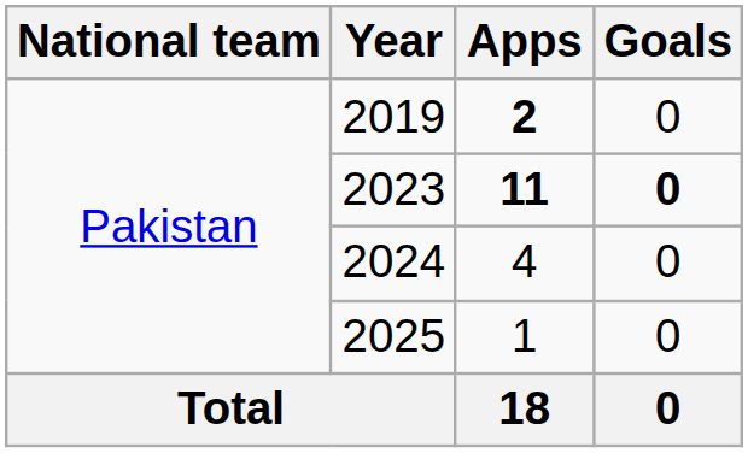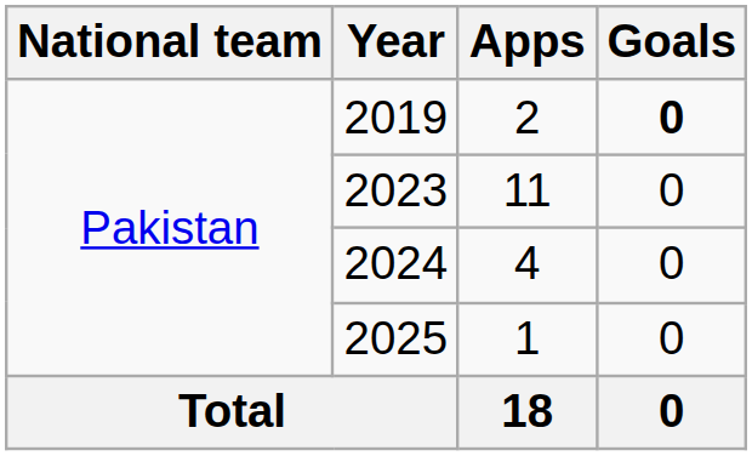 <table class="wikitable" style="text-align:center">
 <tr>
 <th>National team</th>
 <th>Year</th>
 <th>Apps</th>
 <th>Goals</th>
 </tr>
 <tr>
 <td rowspan="4"><a href='#'>Pakistan</a></td>
 <td>2019</td>
-<td><strong>2</strong></td>
-<td>0</td>
+<td>2</td>
+<td><strong>0</strong></td>
 </tr>
 <tr>
 <td>2023</td>
-<td><strong>11</strong></td>
-<td><strong>0</strong></td>
+<td>11</td>
+<td>0</td>
 </tr>
 <tr>
 <td>2024</td>
 <td>4</td>
 <td>0</td>
 </tr>
 <tr>
 <td>2025</td>
 <td>1</td>
 <td>0</td>
 </tr>
 <tr>
 <th colspan="2">Total</th>
 <th>18</th>
 <th>0</th>
 </tr>
 </table>
